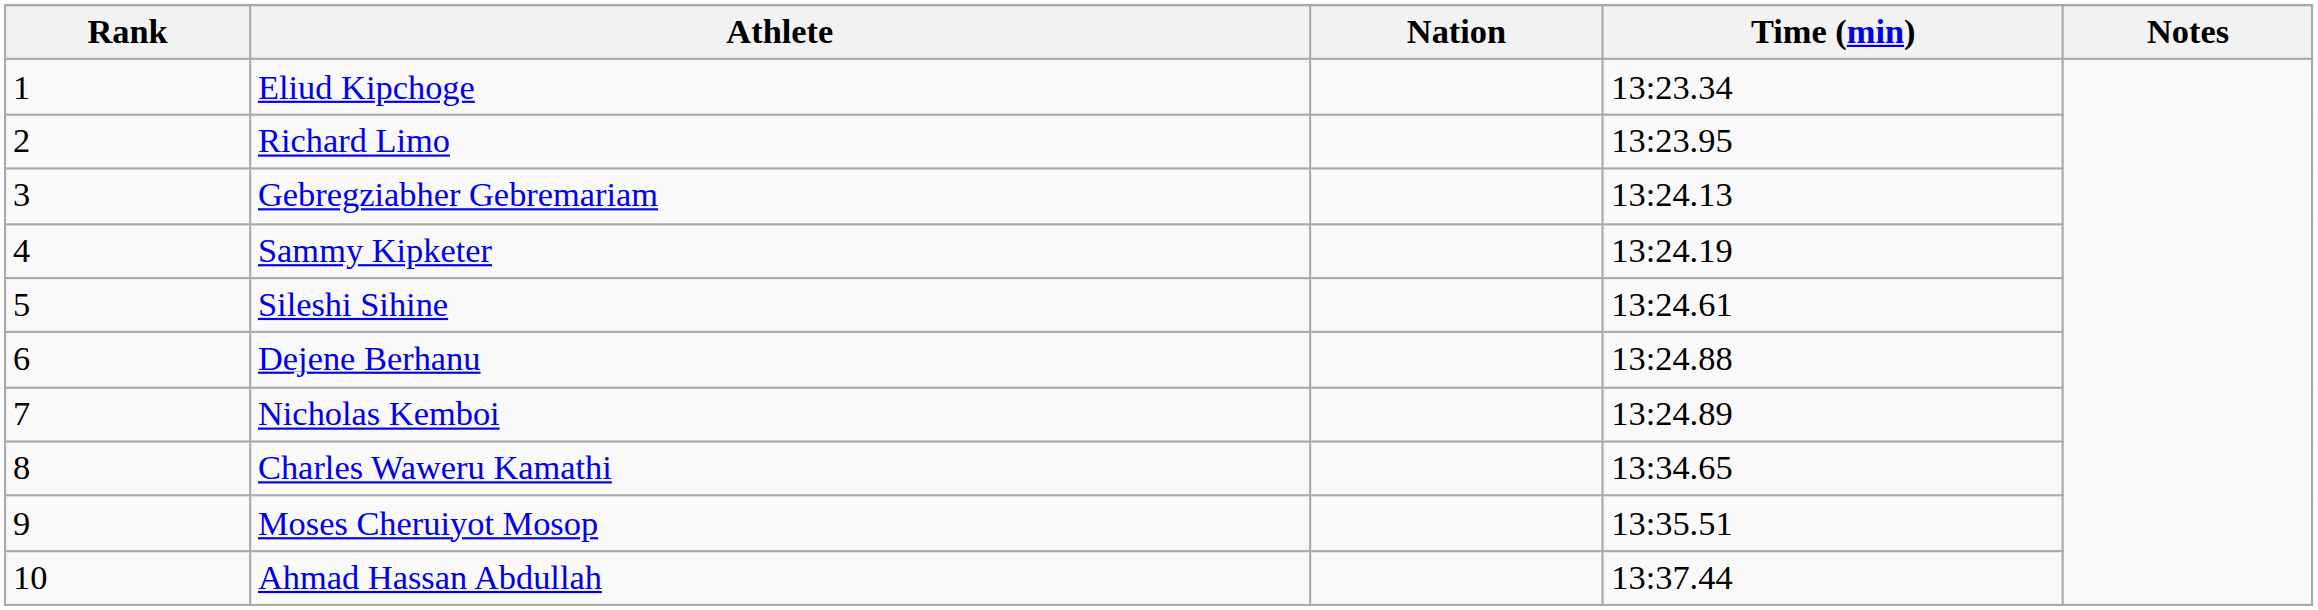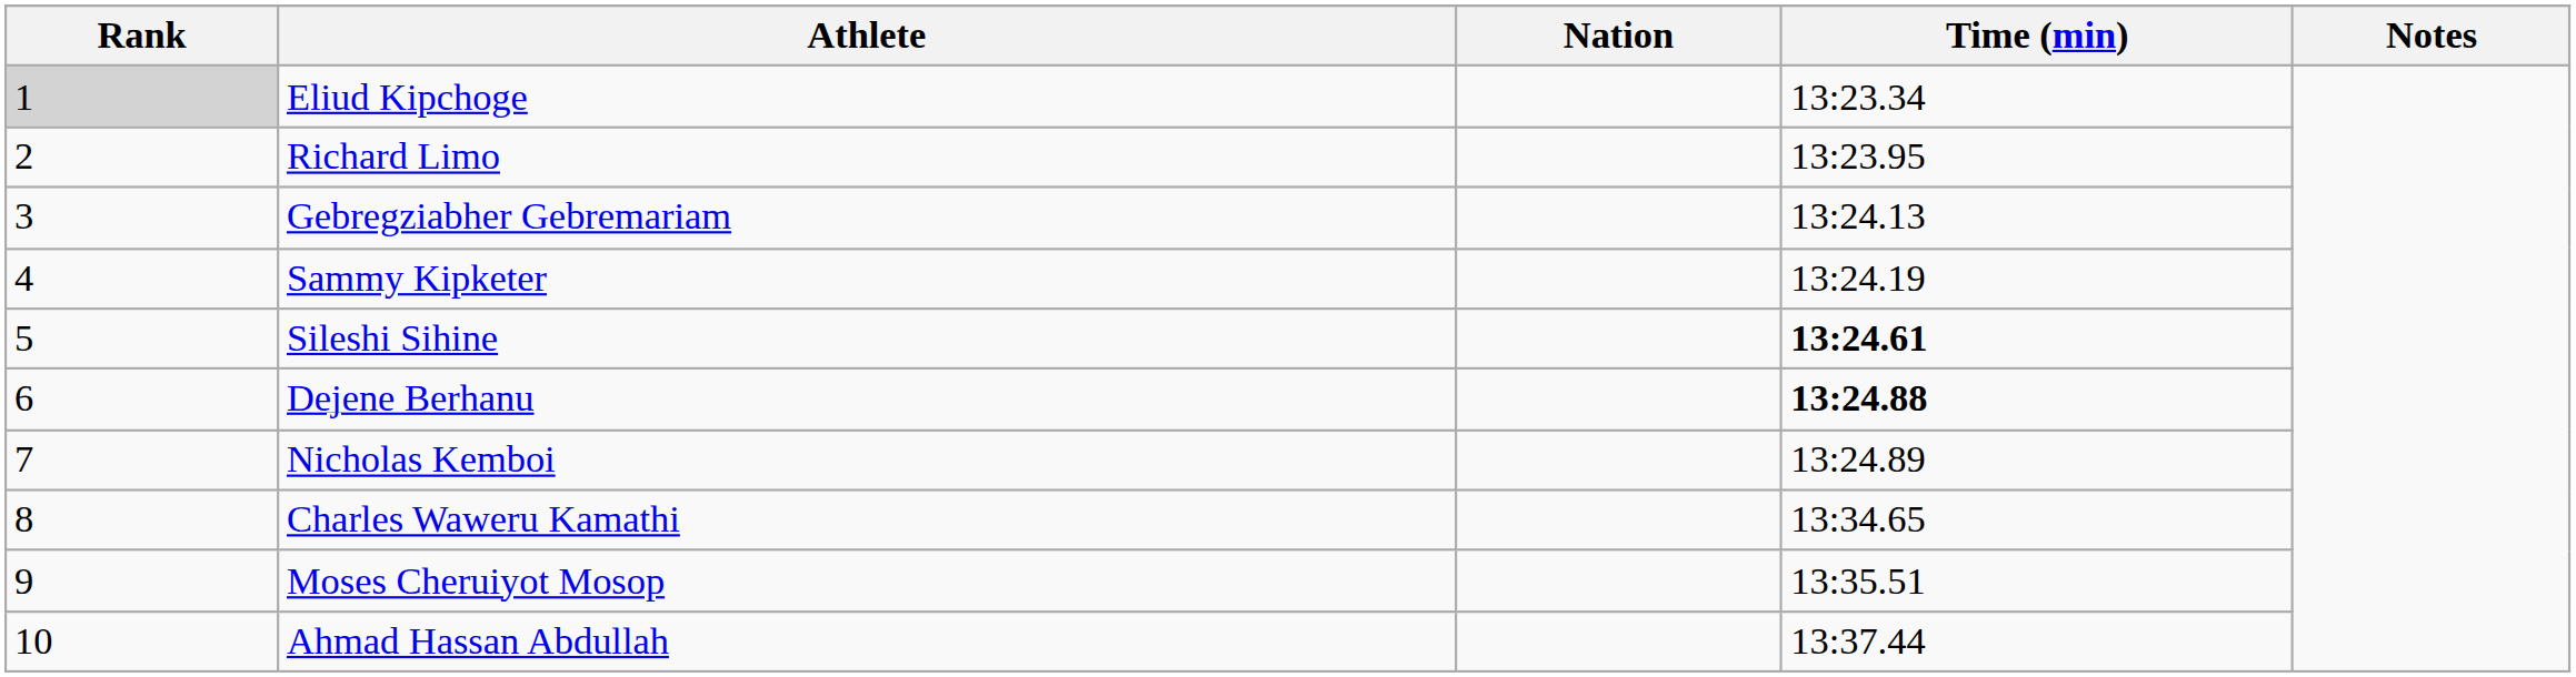 <table class="wikitable" width=85%>
 <tr>
 </tr>
 <tr>
 <th>Rank</th>
 <th>Athlete</th>
 <th>Nation</th>
 <th>Time (<a href='#'>min</a>)</th>
 <th>Notes</th>
 </tr>
 <tr>
-<td>1</td>
+<td style="background: lightgrey;">1</td>
 <td><a href='#'>Eliud Kipchoge</a></td>
 <td></td>
 <td>13:23.34</td>
 </tr>
 <tr>
 <td>2</td>
 <td><a href='#'>Richard Limo</a></td>
 <td></td>
 <td>13:23.95</td>
 </tr>
 <tr>
 <td>3</td>
 <td><a href='#'>Gebregziabher Gebremariam</a></td>
 <td></td>
 <td>13:24.13</td>
 </tr>
 <tr>
 <td>4</td>
 <td><a href='#'>Sammy Kipketer</a></td>
 <td></td>
 <td>13:24.19</td>
 </tr>
 <tr>
 <td>5</td>
 <td><a href='#'>Sileshi Sihine</a></td>
 <td></td>
-<td>13:24.61</td>
+<td><strong>13:24.61</strong></td>
 </tr>
 <tr>
 <td>6</td>
 <td><a href='#'>Dejene Berhanu</a></td>
 <td></td>
-<td>13:24.88</td>
+<td><strong>13:24.88</strong></td>
 </tr>
 <tr>
 <td>7</td>
 <td><a href='#'>Nicholas Kemboi</a></td>
 <td></td>
 <td>13:24.89</td>
 </tr>
 <tr>
 <td>8</td>
 <td><a href='#'>Charles Waweru Kamathi</a></td>
 <td></td>
 <td>13:34.65</td>
 </tr>
 <tr>
 <td>9</td>
 <td><a href='#'>Moses Cheruiyot Mosop</a></td>
 <td></td>
 <td>13:35.51</td>
 </tr>
 <tr>
 <td>10</td>
 <td><a href='#'>Ahmad Hassan Abdullah</a></td>
 <td></td>
 <td>13:37.44</td>
 </tr>
 </table>
